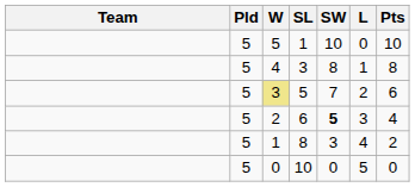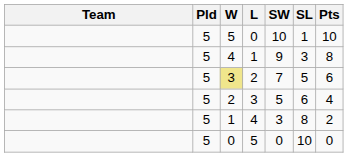 <table class=wikitable style="text-align:center">
 <tr>
 <th width=220>Team</th>
 <th width=20>Pld</th>
 <th width=20>W</th>
+<th width=20>L</th>
+<th width=20>SW</th>
 <th width=20>SL</th>
-<th width=20>SW</th>
-<th width=20>L</th>
 <th width=20>Pts</th>
 </tr>
 <tr>
 <td align=left></td>
 <td>5</td>
 <td>5</td>
+<td>0</td>
+<td>10</td>
 <td>1</td>
-<td>10</td>
-<td>0</td>
 <td>10</td>
 </tr>
 <tr>
 <td align=left></td>
 <td>5</td>
 <td>4</td>
+<td>1</td>
+<td>9</td>
 <td>3</td>
-<td>8</td>
-<td>1</td>
 <td>8</td>
 </tr>
 <tr>
 <td align=left></td>
 <td>5</td>
 <td style="background: khaki;">3</td>
+<td>2</td>
+<td>7</td>
 <td>5</td>
-<td>7</td>
-<td>2</td>
 <td>6</td>
 </tr>
 <tr>
 <td align=left></td>
 <td>5</td>
 <td>2</td>
+<td>3</td>
+<td>5</td>
 <td>6</td>
-<td><strong>5</strong></td>
-<td>3</td>
 <td>4</td>
 </tr>
 <tr>
 <td align=left></td>
 <td>5</td>
 <td>1</td>
+<td>4</td>
+<td>3</td>
 <td>8</td>
-<td>3</td>
-<td>4</td>
 <td>2</td>
 </tr>
 <tr>
 <td align=left></td>
 <td>5</td>
 <td>0</td>
+<td>5</td>
+<td>0</td>
 <td>10</td>
-<td>0</td>
-<td>5</td>
 <td>0</td>
 </tr>
 </table>
